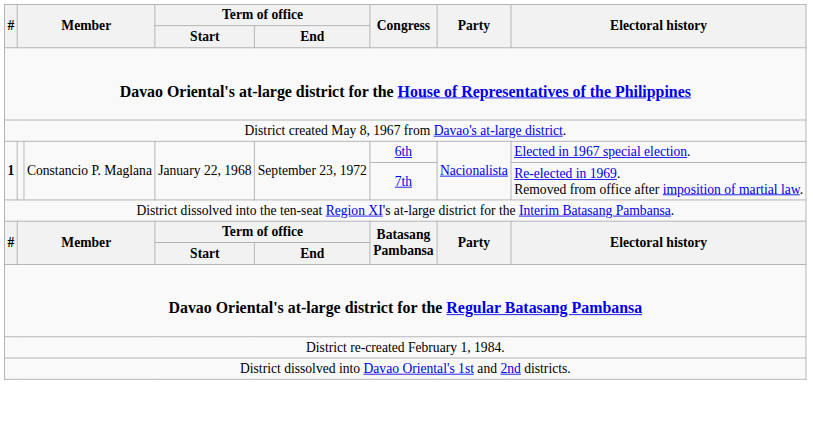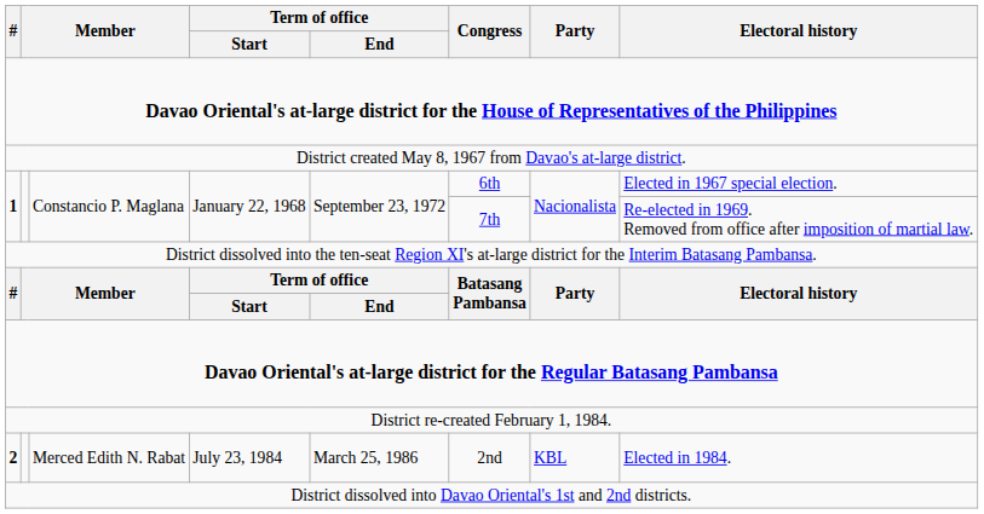 <table class=wikitable>
 <tr>
 <th rowspan="2">#</th>
 <th rowspan="2" colspan=2>Member</th>
 <th colspan=2>Term of office</th>
 <th rowspan="2">Congress</th>
 <th rowspan="2">Party</th>
 <th rowspan="2">Electoral history</th>
 </tr>
 <tr>
 <th>Start</th>
 <th>End</th>
 </tr>
 <tr>
 <td colspan="8" style="text-align:center;"><br><h3>Davao Oriental's at-large district for the <a href='#'>House of Representatives of the Philippines</a></h3></td>
 </tr>
 <tr>
 <td colspan="8" style="text-align:center;">District created May 8, 1967 from <a href='#'>Davao's at-large district</a>.</td>
 </tr>
 <tr>
 <td rowspan="2" style="text-align:center;"><strong>1</strong></td>
 <td rowspan="2" style="color:inherit;background:"></td>
 <td rowspan="2">Constancio P. Maglana</td>
 <td rowspan="2">January 22, 1968</td>
 <td rowspan="2">September 23, 1972</td>
 <td style="text-align:center;"><a href='#'>6th</a></td>
 <td rowspan="2"><a href='#'>Nacionalista</a></td>
 <td><a href='#'>Elected in 1967 special election</a>.</td>
 </tr>
 <tr>
 <td style="text-align:center;"><a href='#'>7th</a></td>
 <td><a href='#'>Re-elected in 1969</a>.<br>Removed from office after <a href='#'>imposition of martial law</a>.</td>
 </tr>
 <tr>
 <td colspan="8" style="text-align:center;">District dissolved into the ten-seat <a href='#'>Region XI</a>'s at-large district for the <a href='#'>Interim Batasang Pambansa</a>.</td>
 </tr>
 <tr>
 <th rowspan="2">#</th>
 <th rowspan="2" colspan=2>Member</th>
 <th colspan=2>Term of office</th>
 <th rowspan="2">Batasang<br>Pambansa</th>
 <th rowspan="2">Party</th>
 <th rowspan="2">Electoral history</th>
 </tr>
 <tr>
 <th>Start</th>
 <th>End</th>
 </tr>
 <tr>
 <td colspan="8" style="text-align:center;"><br><h3>Davao Oriental's at-large district for the <a href='#'>Regular Batasang Pambansa</a></h3></td>
 </tr>
 <tr>
 <td colspan="8" style="text-align:center;">District re-created February 1, 1984.</td>
 </tr>
+<tr style="height:3em">
+<td style="text-align:center;"><strong>2</strong></td>
+<td style="color:inherit;background:"></td>
+<td>Merced Edith N. Rabat</td>
+<td>July 23, 1984</td>
+<td>March 25, 1986</td>
+<td style="text-align:center;">2nd</td>
+<td><a href='#'>KBL</a></td>
+<td><a href='#'>Elected in 1984</a>.</td>
+</tr>
 <tr>
 <td colspan="8" style="text-align:center;">District dissolved into <a href='#'>Davao Oriental's 1st</a> and <a href='#'>2nd</a> districts.</td>
 </tr>
 </table>
